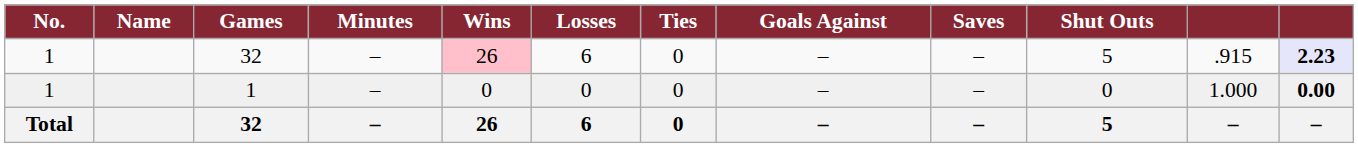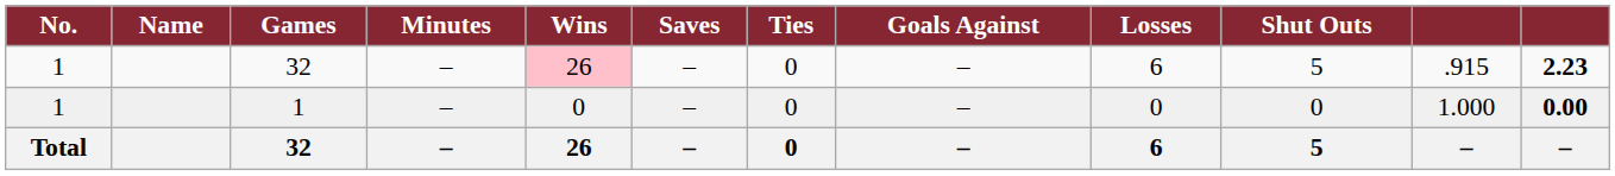 <table class="wikitable sortable" width ="1000">
 <tr align="center">
 <th style="color:white; background:#862633; ">No.</th>
 <th style="color:white; background:#862633; ">Name</th>
 <th style="color:white; background:#862633; ">Games</th>
 <th style="color:white; background:#862633; ">Minutes</th>
 <th style="color:white; background:#862633; ">Wins</th>
-<th style="color:white; background:#862633; ">Losses</th>
+<th style="color:white; background:#862633; ">Saves</th>
 <th style="color:white; background:#862633; ">Ties</th>
 <th style="color:white; background:#862633; ">Goals Against</th>
-<th style="color:white; background:#862633; ">Saves</th>
+<th style="color:white; background:#862633; ">Losses</th>
 <th style="color:white; background:#862633; ">Shut Outs</th>
 <th style="color:white; background:#862633; "><a href='#'></a></th>
 <th style="color:white; background:#862633; "><a href='#'></a></th>
 </tr>
 <tr align="center">
 <td>1</td>
 <td></td>
 <td>32</td>
 <td>–</td>
 <td style="background: pink;">26</td>
-<td>6</td>
+<td>–</td>
 <td>0</td>
 <td>–</td>
-<td>–</td>
+<td>6</td>
 <td>5</td>
 <td>.915</td>
-<td style="background: lavender;"><strong>2.23</strong></td>
+<td><strong>2.23</strong></td>
 </tr>
 <tr align="center" bgcolor="#f0f0f0">
 <td>1</td>
 <td></td>
 <td>1</td>
 <td>–</td>
 <td>0</td>
-<td>0</td>
+<td>–</td>
 <td>0</td>
 <td>–</td>
-<td>–</td>
+<td>0</td>
 <td>0</td>
 <td>1.000</td>
 <td><strong>0.00</strong></td>
 </tr>
 <tr>
 <th>Total</th>
 <th></th>
 <th>32</th>
 <th>–</th>
 <th>26</th>
-<th>6</th>
+<th>–</th>
 <th>0</th>
 <th>–</th>
-<th>–</th>
+<th>6</th>
 <th>5</th>
 <th>–</th>
 <th>–</th>
 </tr>
 </table>
